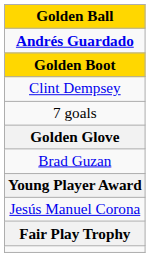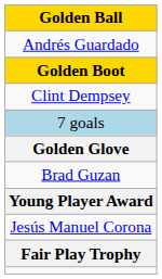 <table class="wikitable" style="text-align:center">
 <tr>
 <th scope=col style="background-color: gold">Golden Ball</th>
 </tr>
 <tr>
-<td><strong> <a href='#'>Andrés Guardado</a></strong></td>
+<td> <a href='#'>Andrés Guardado</a></td>
 </tr>
 <tr>
 <th scope=col style="background-color: gold">Golden Boot</th>
 </tr>
 <tr>
 <td> <a href='#'>Clint Dempsey</a></td>
 </tr>
 <tr>
-<td>7 goals</td>
+<td style="background: lightblue;">7 goals</td>
 </tr>
 <tr>
 <th colspan="3">Golden Glove</th>
 </tr>
 <tr>
 <td colspan="3"> <a href='#'>Brad Guzan</a></td>
 </tr>
 <tr>
 <th colspan="3">Young Player Award</th>
 </tr>
 <tr>
 <td colspan="3"> <a href='#'>Jesús Manuel Corona</a></td>
 </tr>
 <tr>
 <th colspan="3">Fair Play Trophy</th>
 </tr>
 <tr>
 <td colspan="3"></td>
 </tr>
 </table>
